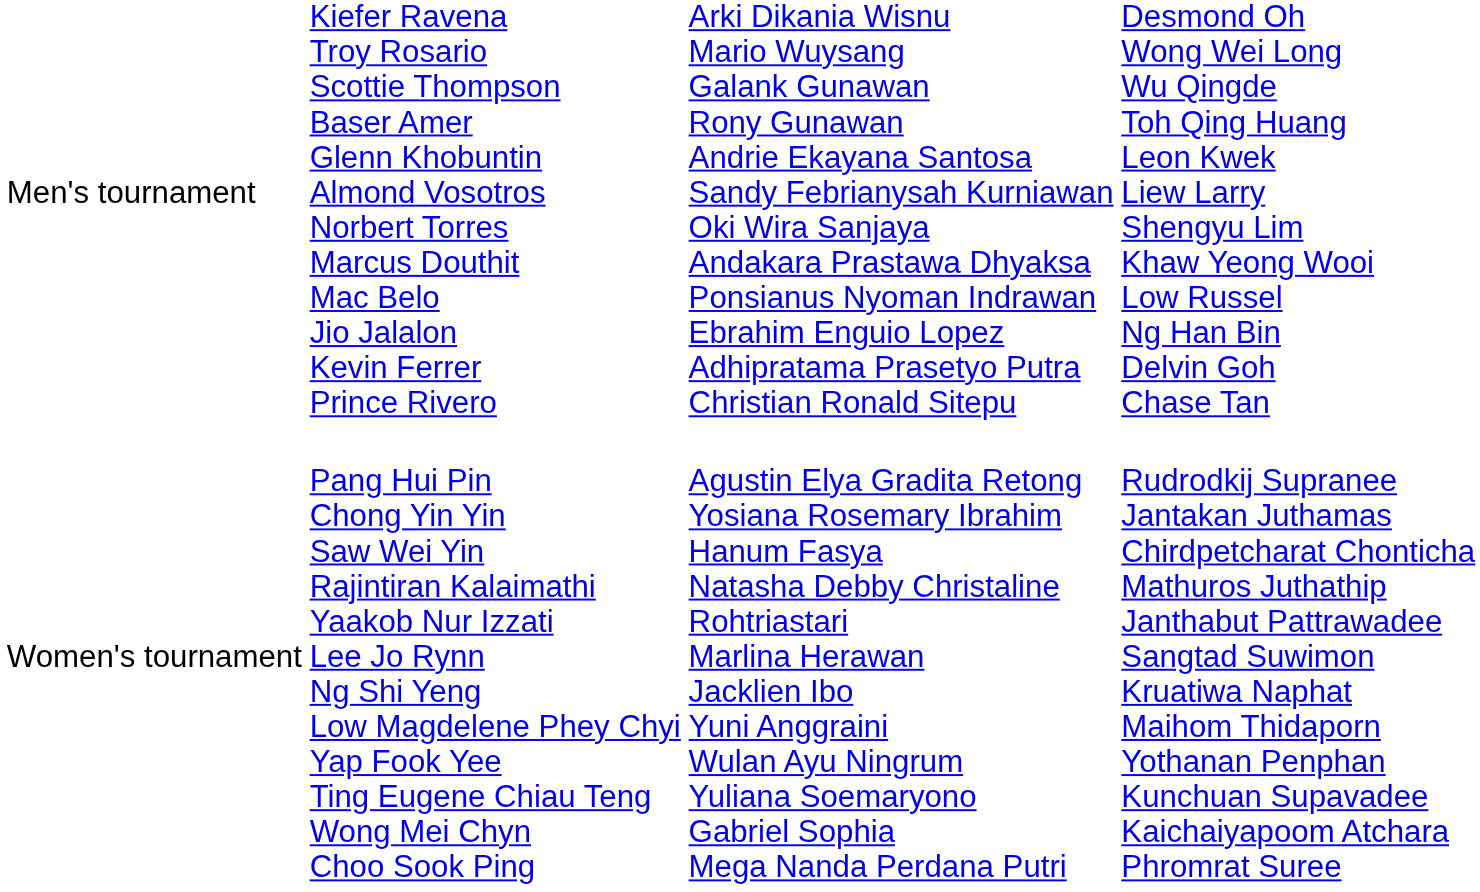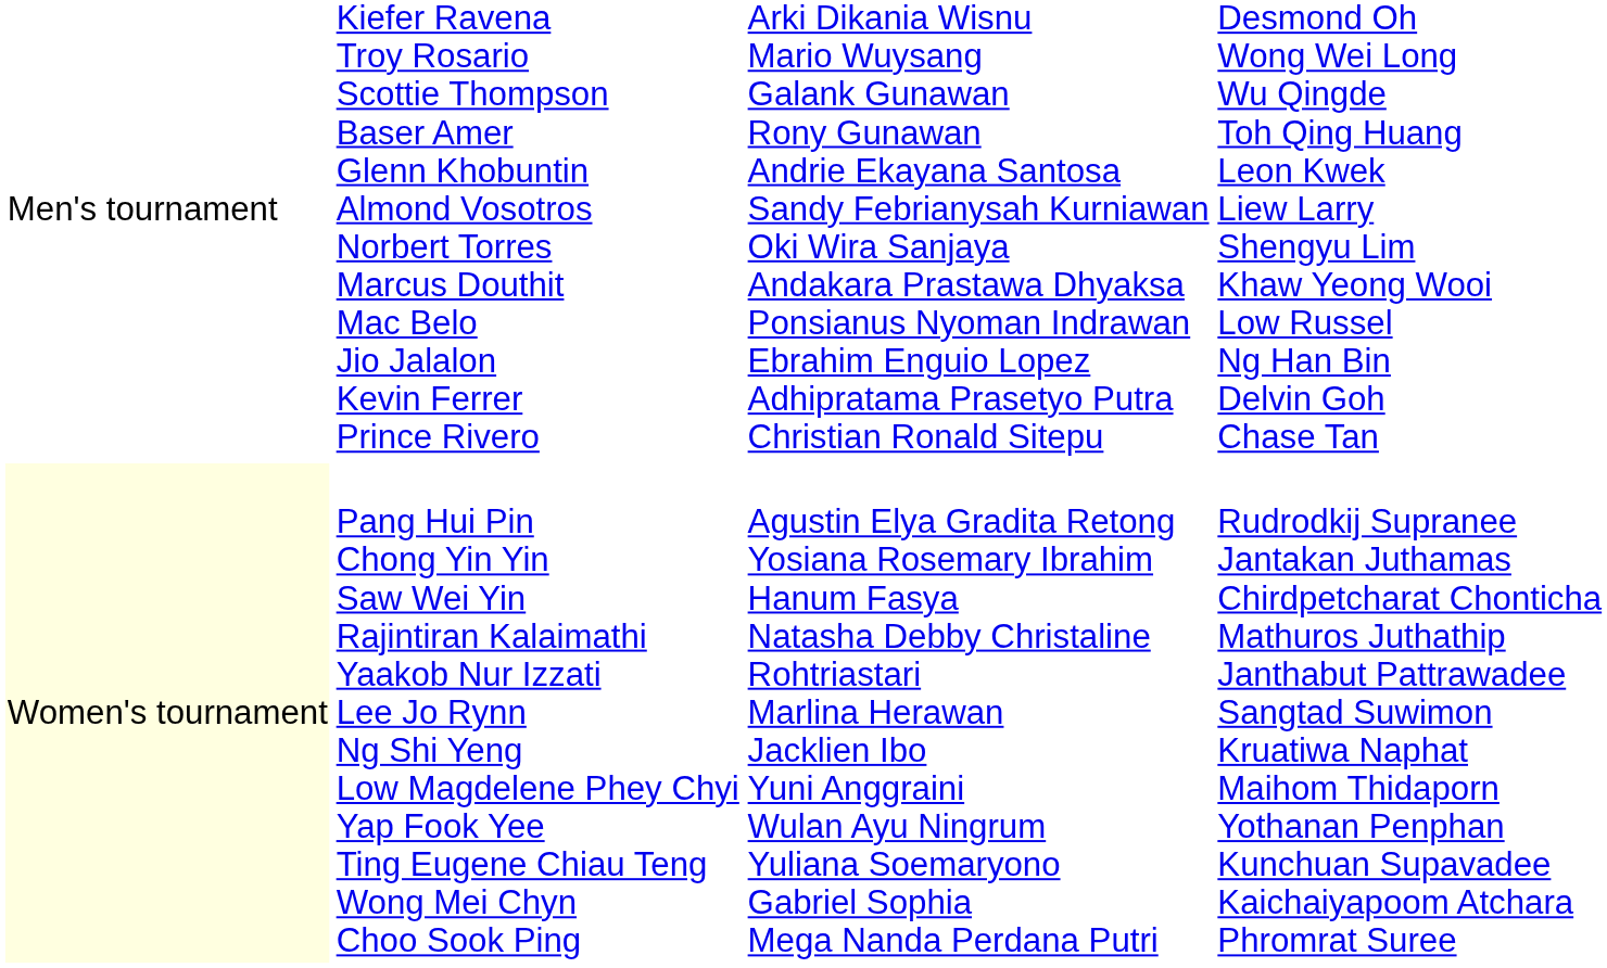 <table>
 <tr>
 <td>Men's tournament<br></td>
 <td><strong></strong><br><a href='#'>Kiefer Ravena</a><br> <a href='#'>Troy Rosario</a><br> <a href='#'>Scottie Thompson</a><br> <a href='#'>Baser Amer</a><br> <a href='#'>Glenn Khobuntin</a><br> <a href='#'>Almond Vosotros</a><br> <a href='#'>Norbert Torres</a><br> <a href='#'>Marcus Douthit</a><br> <a href='#'>Mac Belo</a><br> <a href='#'>Jio Jalalon</a><br> <a href='#'>Kevin Ferrer</a><br> <a href='#'>Prince Rivero</a><br></td>
 <td><strong></strong><br><a href='#'>Arki Dikania Wisnu</a><br> <a href='#'>Mario Wuysang</a><br> <a href='#'>Galank Gunawan</a><br> <a href='#'>Rony Gunawan</a><br> <a href='#'>Andrie Ekayana Santosa</a><br> <a href='#'>Sandy Febrianysah Kurniawan</a><br> <a href='#'>Oki Wira Sanjaya</a><br> <a href='#'>Andakara Prastawa Dhyaksa</a><br> <a href='#'>Ponsianus Nyoman Indrawan</a><br> <a href='#'>Ebrahim Enguio Lopez</a><br> <a href='#'>Adhipratama Prasetyo Putra</a><br> <a href='#'>Christian Ronald Sitepu</a><br></td>
 <td><strong></strong><br><a href='#'>Desmond Oh</a><br> <a href='#'>Wong Wei Long</a><br> <a href='#'>Wu Qingde</a><br> <a href='#'>Toh Qing Huang</a><br> <a href='#'>Leon Kwek</a><br> <a href='#'>Liew Larry</a><br> <a href='#'>Shengyu Lim</a><br> <a href='#'>Khaw Yeong Wooi</a><br> <a href='#'>Low Russel</a><br> <a href='#'>Ng Han Bin</a><br> <a href='#'>Delvin Goh</a><br> <a href='#'>Chase Tan</a><br></td>
 </tr>
 <tr>
-<td>Women's tournament<br></td>
+<td style="background: lightyellow;">Women's tournament<br></td>
 <td><strong></strong><br><a href='#'>Pang Hui Pin</a><br> <a href='#'>Chong Yin Yin</a><br> <a href='#'>Saw Wei Yin</a><br> <a href='#'>Rajintiran Kalaimathi</a><br> <a href='#'>Yaakob Nur Izzati</a><br> <a href='#'>Lee Jo Rynn</a><br> <a href='#'>Ng Shi Yeng</a><br> <a href='#'>Low Magdelene Phey Chyi</a><br> <a href='#'>Yap Fook Yee</a><br> <a href='#'>Ting Eugene Chiau Teng</a><br> <a href='#'>Wong Mei Chyn</a><br> <a href='#'>Choo Sook Ping</a><br></td>
 <td><strong></strong><br><a href='#'>Agustin Elya Gradita Retong</a><br> <a href='#'>Yosiana Rosemary Ibrahim</a><br> <a href='#'>Hanum Fasya</a><br> <a href='#'>Natasha Debby Christaline</a><br> <a href='#'>Rohtriastari</a><br> <a href='#'>Marlina Herawan</a><br> <a href='#'>Jacklien Ibo</a><br> <a href='#'>Yuni Anggraini</a><br> <a href='#'>Wulan Ayu Ningrum</a><br> <a href='#'>Yuliana Soemaryono</a><br> <a href='#'>Gabriel Sophia</a><br> <a href='#'>Mega Nanda Perdana Putri</a><br></td>
 <td><strong></strong><br><a href='#'>Rudrodkij Supranee</a><br> <a href='#'>Jantakan Juthamas</a><br> <a href='#'>Chirdpetcharat Chonticha</a><br> <a href='#'>Mathuros Juthathip</a><br> <a href='#'>Janthabut Pattrawadee</a><br> <a href='#'>Sangtad Suwimon</a><br> <a href='#'>Kruatiwa Naphat</a><br> <a href='#'>Maihom Thidaporn</a><br> <a href='#'>Yothanan Penphan</a><br> <a href='#'>Kunchuan Supavadee</a><br> <a href='#'>Kaichaiyapoom Atchara</a><br> <a href='#'>Phromrat Suree</a><br></td>
 </tr>
 </table>
